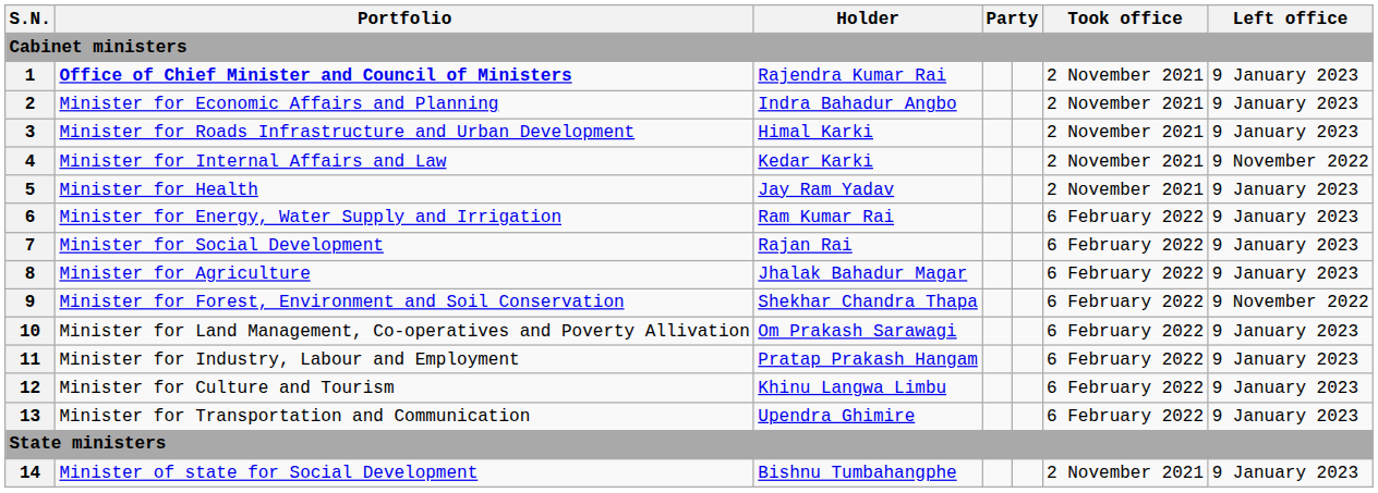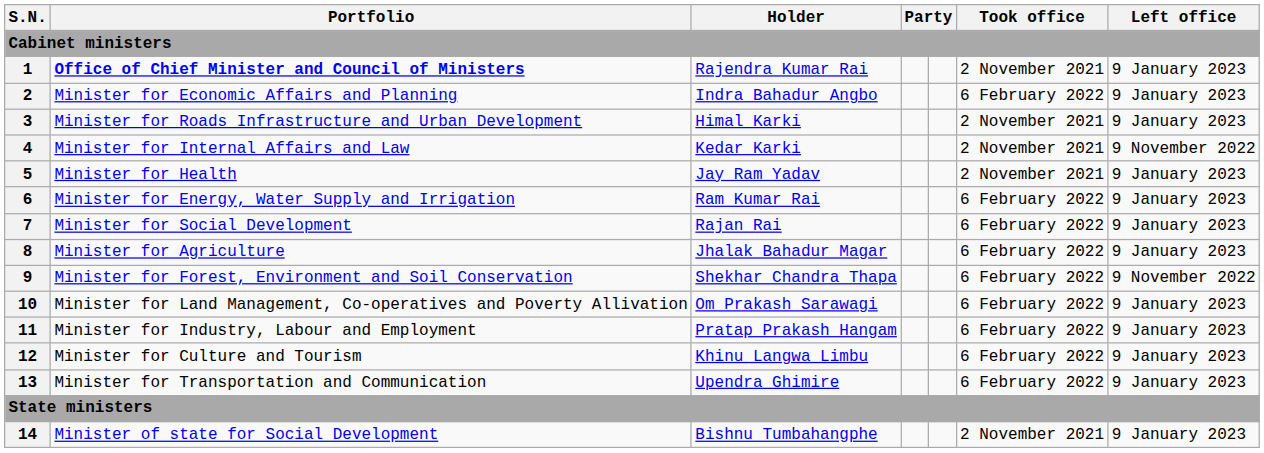 <table class="wikitable">
 <tr>
 <th>S.N.</th>
 <th>Portfolio</th>
 <th>Holder</th>
 <th colspan="2">Party</th>
 <th>Took office</th>
 <th>Left office</th>
 </tr>
 <tr>
 <td colspan="7" bgcolor="darkgrey"><strong>Cabinet ministers</strong></td>
 </tr>
 <tr>
 <th>1</th>
 <td><strong><a href='#'>Office of Chief Minister and Council of Ministers</a></strong></td>
 <td><a href='#'>Rajendra Kumar Rai</a></td>
 <td></td>
 <td></td>
 <td>2 November 2021</td>
 <td>9 January 2023</td>
 </tr>
 <tr>
 <th>2</th>
 <td><a href='#'>Minister for Economic Affairs and Planning</a></td>
 <td><a href='#'>Indra Bahadur Angbo</a></td>
 <td></td>
 <td></td>
-<td>2 November 2021</td>
+<td>6 February 2022</td>
 <td>9 January 2023</td>
 </tr>
 <tr>
 <th>3</th>
 <td><a href='#'>Minister for Roads Infrastructure and Urban Development</a></td>
 <td><a href='#'>Himal Karki</a></td>
 <td></td>
 <td></td>
 <td>2 November 2021</td>
 <td>9 January 2023</td>
 </tr>
 <tr>
 <th>4</th>
 <td><a href='#'>Minister for Internal Affairs and Law</a></td>
 <td><a href='#'>Kedar Karki</a></td>
 <td></td>
 <td></td>
 <td>2 November 2021</td>
 <td>9 November 2022</td>
 </tr>
 <tr>
 <th>5</th>
 <td><a href='#'>Minister for Health</a></td>
 <td><a href='#'>Jay Ram Yadav</a></td>
 <td></td>
 <td></td>
 <td>2 November 2021</td>
 <td>9 January 2023</td>
 </tr>
 <tr>
 <th>6</th>
 <td><a href='#'>Minister for Energy, Water Supply and Irrigation</a></td>
 <td><a href='#'>Ram Kumar Rai</a></td>
 <td></td>
 <td></td>
 <td>6 February 2022</td>
 <td>9 January 2023</td>
 </tr>
 <tr>
 <th>7</th>
 <td><a href='#'>Minister for Social Development</a></td>
 <td><a href='#'>Rajan Rai</a></td>
 <td></td>
 <td></td>
 <td>6 February 2022</td>
 <td>9 January 2023</td>
 </tr>
 <tr>
 <th>8</th>
 <td><a href='#'>Minister for Agriculture</a></td>
 <td><a href='#'>Jhalak Bahadur Magar</a></td>
 <td></td>
 <td></td>
 <td>6 February 2022</td>
 <td>9 January 2023</td>
 </tr>
 <tr>
 <th>9</th>
 <td><a href='#'>Minister for  Forest, Environment and Soil Conservation</a></td>
 <td><a href='#'>Shekhar Chandra Thapa</a></td>
 <td></td>
 <td></td>
 <td>6 February 2022</td>
 <td>9 November 2022</td>
 </tr>
 <tr>
 <th>10</th>
 <td>Minister for Land Management, Co-operatives and Poverty Allivation</td>
 <td><a href='#'>Om Prakash Sarawagi</a></td>
 <td></td>
 <td></td>
 <td>6 February 2022</td>
 <td>9 January 2023</td>
 </tr>
 <tr>
 <th>11</th>
 <td>Minister for Industry, Labour and Employment</td>
 <td><a href='#'>Pratap Prakash Hangam</a></td>
 <td></td>
 <td></td>
 <td>6 February 2022</td>
 <td>9 January 2023</td>
 </tr>
 <tr>
 <th>12</th>
 <td>Minister for Culture and Tourism</td>
 <td><a href='#'>Khinu Langwa Limbu</a></td>
 <td></td>
 <td></td>
 <td>6 February 2022</td>
 <td>9 January 2023</td>
 </tr>
 <tr>
 <th>13</th>
 <td>Minister for Transportation and Communication</td>
 <td><a href='#'>Upendra Ghimire</a></td>
 <td></td>
 <td></td>
 <td>6 February 2022</td>
 <td>9 January 2023</td>
 </tr>
 <tr>
 <td colspan="7" bgcolor="darkgrey"><strong>State ministers</strong></td>
 </tr>
 <tr>
 <th>14</th>
 <td><a href='#'>Minister of state for Social Development</a></td>
 <td><a href='#'>Bishnu Tumbahangphe</a></td>
 <td></td>
 <td></td>
 <td>2 November 2021</td>
 <td>9 January 2023</td>
 </tr>
 </table>
